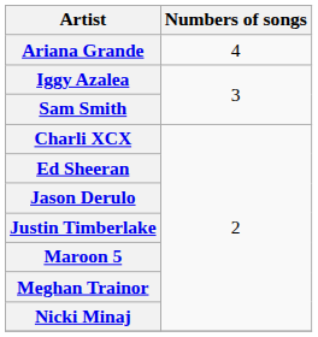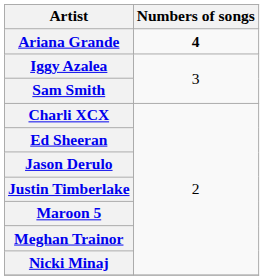 <table class="wikitable sortable plainrowheaders" style="text-align:center;">
 <tr>
 <th scope="col">Artist</th>
 <th scope="col">Numbers of songs</th>
 </tr>
 <tr>
 <th scope="row"><a href='#'>Ariana Grande</a></th>
-<td>4</td>
+<td><strong>4</strong></td>
 </tr>
 <tr>
 <th scope="row"><a href='#'>Iggy Azalea</a></th>
 <td rowspan="2">3</td>
 </tr>
 <tr>
 <th scope="row"><a href='#'>Sam Smith</a></th>
 </tr>
 <tr>
 <th scope="row"><a href='#'>Charli XCX</a></th>
 <td rowspan="7">2</td>
 </tr>
 <tr>
 <th scope="row"><a href='#'>Ed Sheeran</a></th>
 </tr>
 <tr>
 <th scope="row"><a href='#'>Jason Derulo</a></th>
 </tr>
 <tr>
 <th scope="row"><a href='#'>Justin Timberlake</a></th>
 </tr>
 <tr>
 <th scope="row"><a href='#'>Maroon 5</a></th>
 </tr>
 <tr>
 <th scope="row"><a href='#'>Meghan Trainor</a></th>
 </tr>
 <tr>
 <th scope="row"><a href='#'>Nicki Minaj</a></th>
 </tr>
 <tr>
 </tr>
 </table>
